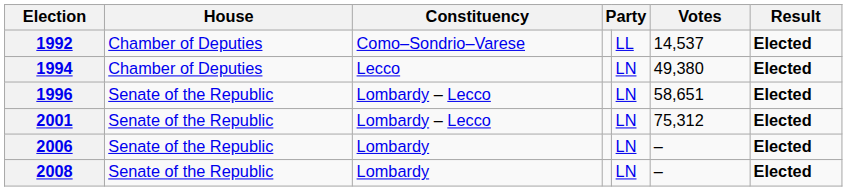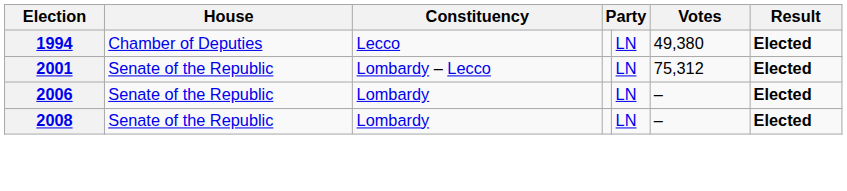 <table class=wikitable style="width:65%; border:1px #AAAAFF solid">
 <tr>
 <th width=12%>Election</th>
 <th width=30%>House</th>
 <th width=30%>Constituency</th>
 <th width=5% colspan="2">Party</th>
 <th width=12%>Votes</th>
 <th width=15%>Result</th>
 </tr>
 <tr>
-<th><a href='#'>1992</a></th>
-<td><a href='#'>Chamber of Deputies</a></td>
-<td><a href='#'>Como–Sondrio–Varese</a></td>
-<td></td>
-<td><a href='#'>LL</a></td>
-<td>14,537</td>
-<td> <strong>Elected</strong></td>
-</tr>
-<tr>
 <th><a href='#'>1994</a></th>
 <td><a href='#'>Chamber of Deputies</a></td>
 <td><a href='#'>Lecco</a></td>
 <td></td>
 <td><a href='#'>LN</a></td>
 <td>49,380</td>
-<td> <strong>Elected</strong></td>
-</tr>
-<tr>
-<th><a href='#'>1996</a></th>
-<td><a href='#'>Senate of the Republic</a></td>
-<td><a href='#'>Lombardy</a> – <a href='#'>Lecco</a></td>
-<td></td>
-<td><a href='#'>LN</a></td>
-<td>58,651</td>
 <td> <strong>Elected</strong></td>
 </tr>
 <tr>
 <th><a href='#'>2001</a></th>
 <td><a href='#'>Senate of the Republic</a></td>
 <td><a href='#'>Lombardy</a> – <a href='#'>Lecco</a></td>
 <td></td>
 <td><a href='#'>LN</a></td>
 <td>75,312</td>
 <td> <strong>Elected</strong></td>
 </tr>
 <tr>
 <th><a href='#'>2006</a></th>
 <td><a href='#'>Senate of the Republic</a></td>
 <td><a href='#'>Lombardy</a></td>
 <td></td>
 <td><a href='#'>LN</a></td>
 <td>–</td>
 <td> <strong>Elected</strong></td>
 </tr>
 <tr>
 <th><a href='#'>2008</a></th>
 <td><a href='#'>Senate of the Republic</a></td>
 <td><a href='#'>Lombardy</a></td>
 <td></td>
 <td><a href='#'>LN</a></td>
 <td>–</td>
 <td> <strong>Elected</strong></td>
 </tr>
 </table>
